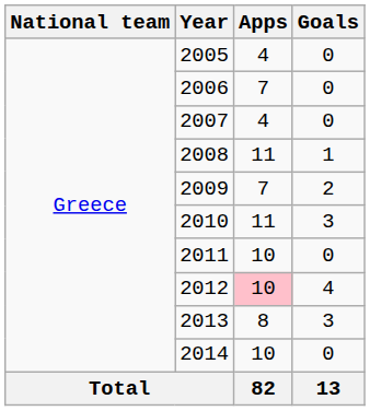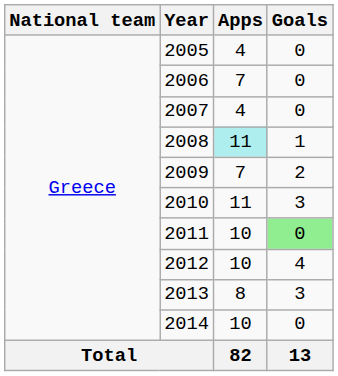 <table class="wikitable" style="text-align: center">
 <tr>
 <th>National team</th>
 <th>Year</th>
 <th>Apps</th>
 <th>Goals</th>
 </tr>
 <tr>
 <td rowspan="10"><a href='#'>Greece</a></td>
 <td>2005</td>
 <td>4</td>
 <td>0</td>
 </tr>
 <tr>
 <td>2006</td>
 <td>7</td>
 <td>0</td>
 </tr>
 <tr>
 <td>2007</td>
 <td>4</td>
 <td>0</td>
 </tr>
 <tr>
 <td>2008</td>
-<td>11</td>
+<td style="background: paleturquoise;">11</td>
 <td>1</td>
 </tr>
 <tr>
 <td>2009</td>
 <td>7</td>
 <td>2</td>
 </tr>
 <tr>
 <td>2010</td>
 <td>11</td>
 <td>3</td>
 </tr>
 <tr>
 <td>2011</td>
 <td>10</td>
-<td>0</td>
+<td style="background: lightgreen;">0</td>
 </tr>
 <tr>
 <td>2012</td>
-<td style="background: pink;">10</td>
+<td>10</td>
 <td>4</td>
 </tr>
 <tr>
 <td>2013</td>
 <td>8</td>
 <td>3</td>
 </tr>
 <tr>
 <td>2014</td>
 <td>10</td>
 <td>0</td>
 </tr>
 <tr>
 <th colspan=2>Total</th>
 <th>82</th>
 <th>13</th>
 </tr>
 </table>
